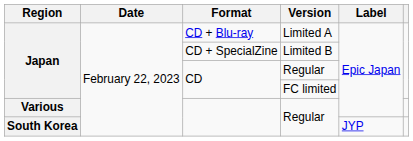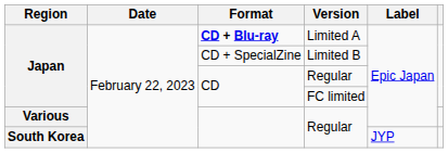 <table class="wikitable plainrowheaders">
 <tr>
 <th scope="col">Region</th>
 <th scope="col">Date</th>
 <th scope="col">Format</th>
 <th scope="col">Version</th>
 <th scope="col">Label</th>
 <th scope="col"></th>
 </tr>
 <tr>
 <th scope="row" rowspan="4">Japan</th>
 <td rowspan="6">February 22, 2023</td>
-<td><a href='#'>CD</a> + <a href='#'>Blu-ray</a></td>
+<td><strong><a href='#'>CD</a> + <a href='#'>Blu-ray</a></strong></td>
 <td>Limited A</td>
 <td rowspan="5"><a href='#'>Epic Japan</a></td>
 <td style="text-align:center;" rowspan="4"></td>
 </tr>
 <tr>
 <td>CD + SpecialZine</td>
 <td>Limited B</td>
 </tr>
 <tr>
 <td rowspan="2">CD</td>
 <td>Regular</td>
 </tr>
 <tr>
 <td>FC limited</td>
 </tr>
 <tr>
 <th scope="row">Various</th>
 <td rowspan="2"></td>
 <td rowspan="2">Regular</td>
 <td style="text-align:center;"></td>
 </tr>
 <tr>
 <th scope="row">South Korea</th>
 <td><a href='#'>JYP</a></td>
 <td style="text-align:center;"></td>
 </tr>
 </table>
